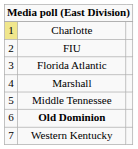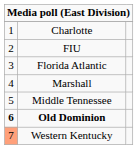 <table class="wikitable" style="display: inline-table;">
 <tr>
 <td align="center" Colspan="3"><strong>Media poll (East Division)</strong></td>
 </tr>
 <tr align="center">
 </tr>
 <tr align="center">
-<td style="background: khaki;">1</td>
+<td>1</td>
 <td>Charlotte</td>
 <td></td>
 </tr>
 <tr align="center">
 <td>2</td>
 <td>FIU</td>
 <td></td>
 </tr>
 <tr align="center">
 <td>3</td>
 <td>Florida Atlantic</td>
 <td></td>
 </tr>
 <tr align="center">
 <td>4</td>
 <td>Marshall</td>
 <td></td>
 </tr>
 <tr align="center">
 <td>5</td>
 <td>Middle Tennessee</td>
 <td></td>
 </tr>
 <tr align="center">
-<td>6</td>
+<td><strong>6</strong></td>
 <td><strong>Old Dominion</strong></td>
 <td></td>
 </tr>
 <tr align="center">
-<td>7</td>
+<td style="background: lightsalmon;">7</td>
 <td>Western Kentucky</td>
 <td></td>
 </tr>
 </table>
